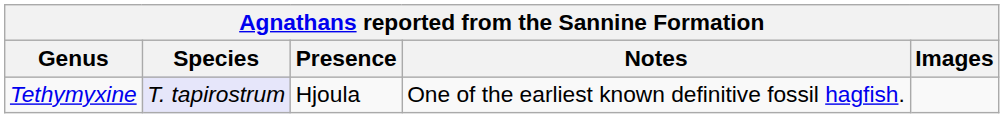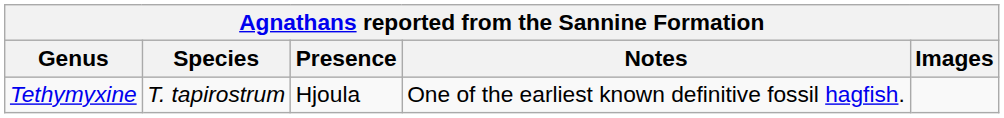 <table class="wikitable" align="center">
 <tr>
 <th colspan="5"><strong><a href='#'>Agnathans</a> reported from the Sannine Formation</strong></th>
 </tr>
 <tr>
 <th>Genus</th>
 <th>Species</th>
 <th>Presence</th>
 <th>Notes</th>
 <th>Images</th>
 </tr>
 <tr>
 <td><em><a href='#'>Tethymyxine</a></em></td>
-<td style="background: lavender;"><em>T. tapirostrum</em></td>
+<td><em>T. tapirostrum</em></td>
 <td>Hjoula</td>
 <td>One of the earliest known definitive fossil <a href='#'>hagfish</a>.</td>
 <td></td>
 </tr>
 </table>
